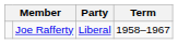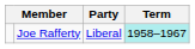 <table class="wikitable">
 <tr>
 <th colspan="2">Member</th>
 <th>Party</th>
 <th>Term</th>
 </tr>
 <tr>
 <td> </td>
 <td><a href='#'>Joe Rafferty</a></td>
 <td><a href='#'>Liberal</a></td>
-<td>1958–1967</td>
+<td style="background: paleturquoise;">1958–1967</td>
 </tr>
 </table>
